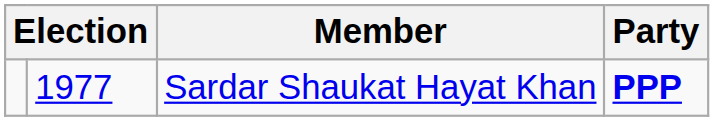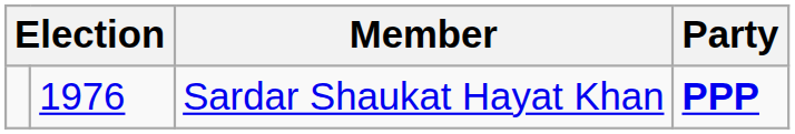 <table class="wikitable">
 <tr>
 <th colspan="2">Election</th>
 <th>Member</th>
 <th>Party</th>
 </tr>
 <tr>
 <td style="background-color: "></td>
-<td><a href='#'>1977</a></td>
+<td><a href='#'>1976</a></td>
 <td><a href='#'>Sardar Shaukat Hayat Khan</a></td>
 <td><strong><a href='#'>PPP</a></strong></td>
 </tr>
 </table>
